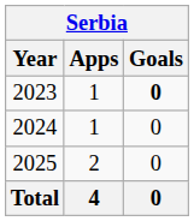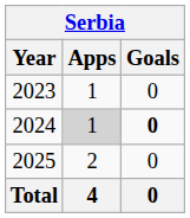 <table class="wikitable" style="text-align:center">
 <tr>
 <th colspan=5><a href='#'>Serbia</a></th>
 </tr>
 <tr>
 <th>Year</th>
 <th>Apps</th>
 <th>Goals</th>
 </tr>
 <tr>
 <td>2023</td>
 <td>1</td>
-<td><strong>0</strong></td>
+<td>0</td>
 </tr>
 <tr>
 <td>2024</td>
-<td>1</td>
-<td>0</td>
+<td style="background: lightgrey;">1</td>
+<td><strong>0</strong></td>
 </tr>
 <tr>
 <td>2025</td>
 <td>2</td>
 <td>0</td>
 </tr>
 <tr>
 <th>Total</th>
 <th>4</th>
 <th>0</th>
 </tr>
 </table>
